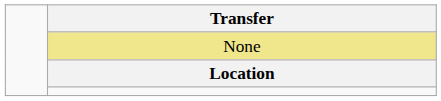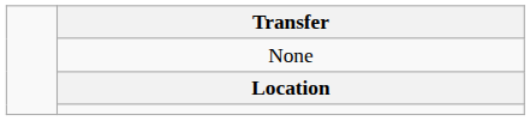 <table class=wikitable style="text-align: center; width: 400px; float:right">
 <tr>
 <td rowspan="4"></td>
 <th>Transfer</th>
 </tr>
 <tr>
-<td style="background: khaki;">None</td>
+<td>None</td>
 </tr>
 <tr>
 <th>Location</th>
 </tr>
 <tr>
 <td></td>
 </tr>
 </table>
